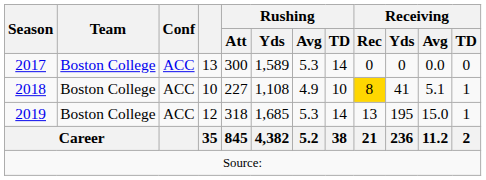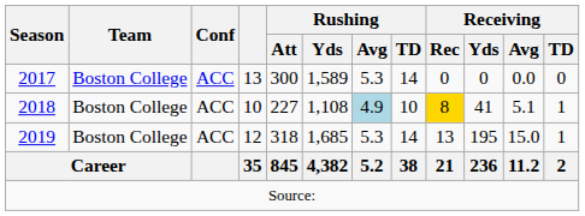 <table class="wikitable" style="text-align:center;">
 <tr>
 <th rowspan="2">Season</th>
 <th rowspan="2">Team</th>
 <th rowspan="2">Conf</th>
 <th rowspan="2"></th>
 <th colspan="4">Rushing</th>
 <th colspan="4">Receiving</th>
 </tr>
 <tr>
 <th>Att</th>
 <th>Yds</th>
 <th>Avg</th>
 <th>TD</th>
 <th>Rec</th>
 <th>Yds</th>
 <th>Avg</th>
 <th>TD</th>
 </tr>
 <tr>
 <td><a href='#'>2017</a></td>
 <td><a href='#'>Boston College</a></td>
 <td><a href='#'>ACC</a></td>
 <td>13</td>
 <td>300</td>
 <td>1,589</td>
 <td>5.3</td>
 <td>14</td>
 <td>0</td>
 <td>0</td>
 <td>0.0</td>
 <td>0</td>
 </tr>
 <tr>
 <td><a href='#'>2018</a></td>
 <td>Boston College</td>
 <td>ACC</td>
 <td>10</td>
 <td>227</td>
 <td>1,108</td>
-<td>4.9</td>
+<td style="background: lightblue;">4.9</td>
 <td>10</td>
 <td style="background: gold;">8</td>
 <td>41</td>
 <td>5.1</td>
 <td>1</td>
 </tr>
 <tr>
 <td><a href='#'>2019</a></td>
 <td>Boston College</td>
 <td>ACC</td>
 <td>12</td>
 <td>318</td>
 <td>1,685</td>
 <td>5.3</td>
 <td>14</td>
 <td>13</td>
 <td>195</td>
 <td>15.0</td>
 <td>1</td>
 </tr>
 <tr>
 <th colspan="2">Career</th>
 <th></th>
 <th>35</th>
 <th>845</th>
 <th>4,382</th>
 <th>5.2</th>
 <th>38</th>
 <th>21</th>
 <th>236</th>
 <th>11.2</th>
 <th>2</th>
 </tr>
 <tr>
 <td colspan="12"><small>Source: </small></td>
 </tr>
 </table>
